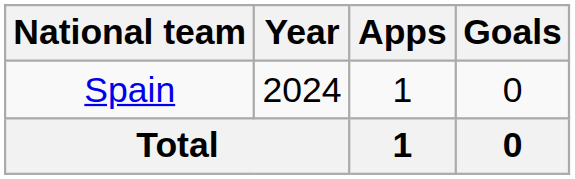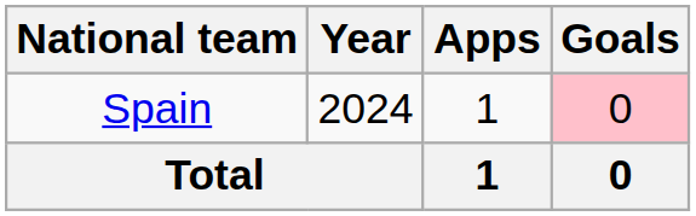 <table class="wikitable" style="text-align:center">
 <tr>
 <th>National team</th>
 <th>Year</th>
 <th>Apps</th>
 <th>Goals</th>
 </tr>
 <tr>
 <td><a href='#'>Spain</a></td>
 <td>2024</td>
 <td>1</td>
-<td>0</td>
+<td style="background: pink;">0</td>
 </tr>
 <tr>
 <th colspan="2">Total</th>
 <th>1</th>
 <th>0</th>
 </tr>
 </table>
